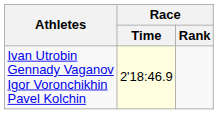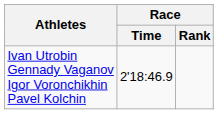 <table class="wikitable" border="1" style="font-size:90%">
 <tr>
 <th rowspan=2>Athletes</th>
 <th colspan=2>Race</th>
 </tr>
 <tr>
 <th>Time</th>
 <th>Rank</th>
 </tr>
 <tr>
 <td><a href='#'>Ivan Utrobin</a><br><a href='#'>Gennady Vaganov</a><br><a href='#'>Igor Voronchikhin</a><br><a href='#'>Pavel Kolchin</a></td>
-<td align=center style="background: lightyellow;">2'18:46.9</td>
+<td align=center>2'18:46.9</td>
 <td align=center></td>
 </tr>
 </table>
